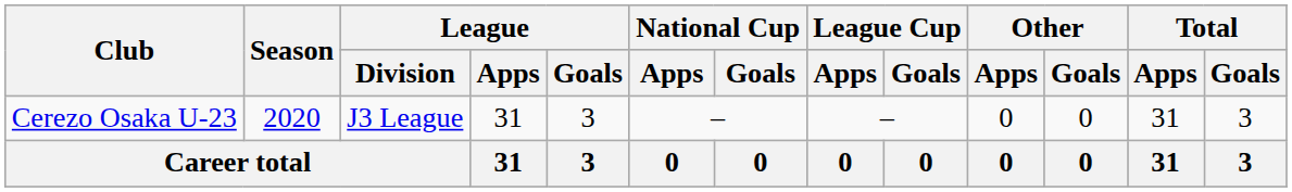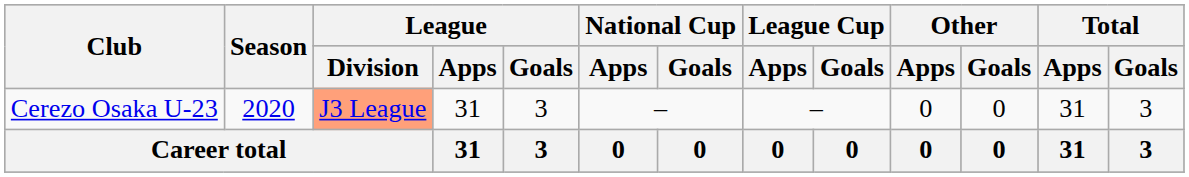 <table class="wikitable" style="text-align: center">
 <tr>
 <th rowspan="2">Club</th>
 <th rowspan="2">Season</th>
 <th colspan="3">League</th>
 <th colspan="2">National Cup</th>
 <th colspan="2">League Cup</th>
 <th colspan="2">Other</th>
 <th colspan="2">Total</th>
 </tr>
 <tr>
 <th>Division</th>
 <th>Apps</th>
 <th>Goals</th>
 <th>Apps</th>
 <th>Goals</th>
 <th>Apps</th>
 <th>Goals</th>
 <th>Apps</th>
 <th>Goals</th>
 <th>Apps</th>
 <th>Goals</th>
 </tr>
 <tr>
 <td><a href='#'>Cerezo Osaka U-23</a></td>
 <td><a href='#'>2020</a></td>
-<td><a href='#'>J3 League</a></td>
+<td style="background: lightsalmon;"><a href='#'>J3 League</a></td>
 <td>31</td>
 <td>3</td>
 <td colspan="2">–</td>
 <td colspan="2">–</td>
 <td>0</td>
 <td>0</td>
 <td>31</td>
 <td>3</td>
 </tr>
 <tr>
 <th colspan=3>Career total</th>
 <th>31</th>
 <th>3</th>
 <th>0</th>
 <th>0</th>
 <th>0</th>
 <th>0</th>
 <th>0</th>
 <th>0</th>
 <th>31</th>
 <th>3</th>
 </tr>
 </table>
